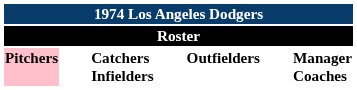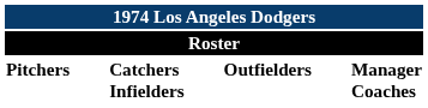 <table class="toccolours" style="font-size: 95%;">
 <tr>
 <th colspan="10" style="background-color: #083c6b; color: white; text-align: center;">1974 Los Angeles Dodgers</th>
 </tr>
 <tr>
 <td colspan="10" style="background-color: black; color: white; text-align: center;"><strong>Roster</strong></td>
 </tr>
 <tr>
-<td valign="top" style="background: pink;"><strong>Pitchers</strong><br>              </td>
+<td valign="top"><strong>Pitchers</strong><br>              </td>
 <td width="25px"></td>
 <td valign="top"><strong>Catchers</strong><br>    <strong>Infielders</strong>         </td>
 <td width="25px"></td>
 <td valign="top"><strong>Outfielders</strong><br>        </td>
 <td width="25px"></td>
 <td valign="top"><strong>Manager</strong><br> <strong>Coaches</strong>     </td>
 </tr>
 </table>
